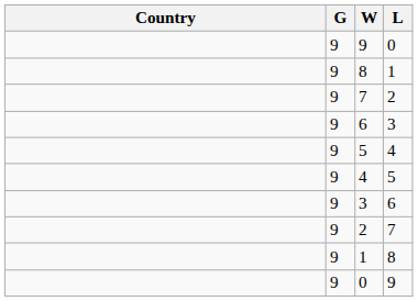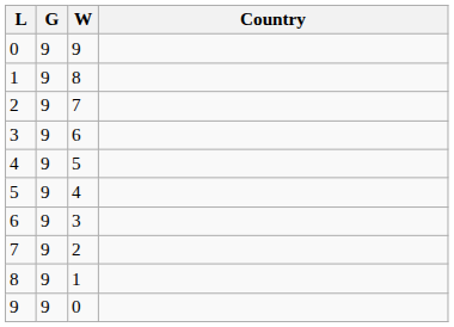 <table class="wikitable">
 <tr>
-<th bgcolor="#efefef" width="300">Country</th>
+<th bgcolor="#efefef" width="20">L</th>
 <th bgcolor="#efefef" width="20">G</th>
 <th bgcolor="#efefef" width="20">W</th>
-<th bgcolor="#efefef" width="20">L</th>
+<th bgcolor="#efefef" width="300">Country</th>
 </tr>
 <tr>
+<td>0</td>
+<td>9</td>
+<td>9</td>
 <td></td>
+</tr>
+<tr>
+<td>1</td>
+<td>9</td>
+<td>8</td>
+<td></td>
+</tr>
+<tr>
+<td>2</td>
+<td>9</td>
+<td>7</td>
+<td></td>
+</tr>
+<tr>
+<td>3</td>
+<td>9</td>
+<td>6</td>
+<td></td>
+</tr>
+<tr>
+<td>4</td>
+<td>9</td>
+<td>5</td>
+<td></td>
+</tr>
+<tr>
+<td>5</td>
+<td>9</td>
+<td>4</td>
+<td></td>
+</tr>
+<tr>
+<td>6</td>
+<td>9</td>
+<td>3</td>
+<td></td>
+</tr>
+<tr>
+<td>7</td>
+<td>9</td>
+<td>2</td>
+<td></td>
+</tr>
+<tr>
+<td>8</td>
+<td>9</td>
+<td>1</td>
+<td></td>
+</tr>
+<tr>
 <td>9</td>
 <td>9</td>
 <td>0</td>
-</tr>
-<tr>
 <td></td>
-<td>9</td>
-<td>8</td>
-<td>1</td>
-</tr>
-<tr>
-<td></td>
-<td>9</td>
-<td>7</td>
-<td>2</td>
-</tr>
-<tr>
-<td></td>
-<td>9</td>
-<td>6</td>
-<td>3</td>
-</tr>
-<tr>
-<td></td>
-<td>9</td>
-<td>5</td>
-<td>4</td>
-</tr>
-<tr>
-<td></td>
-<td>9</td>
-<td>4</td>
-<td>5</td>
-</tr>
-<tr>
-<td></td>
-<td>9</td>
-<td>3</td>
-<td>6</td>
-</tr>
-<tr>
-<td></td>
-<td>9</td>
-<td>2</td>
-<td>7</td>
-</tr>
-<tr>
-<td></td>
-<td>9</td>
-<td>1</td>
-<td>8</td>
-</tr>
-<tr>
-<td></td>
-<td>9</td>
-<td>0</td>
-<td>9</td>
 </tr>
 </table>
